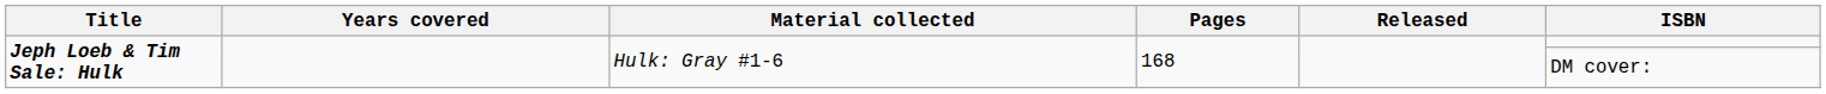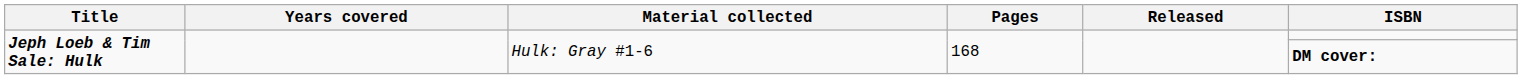 <table class="wikitable sortable" width=99%>
 <tr>
 <th style="width: 11em;'">Title</th>
 <th>Years covered</th>
 <th>Material collected</th>
 <th>Pages</th>
 <th>Released</th>
 <th class="unsortable">ISBN</th>
 </tr>
 <tr>
 <td rowspan=2><strong><em>Jeph Loeb & Tim Sale: Hulk</em></strong></td>
 <td rowspan=2></td>
 <td rowspan=2><em>Hulk: Gray</em> #1-6</td>
 <td rowspan=2>168</td>
 <td rowspan=2></td>
 <td></td>
 </tr>
 <tr>
-<td>DM cover: </td>
+<td><strong>DM cover: </strong></td>
 </tr>
 </table>
